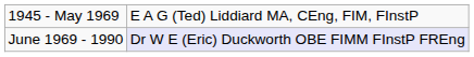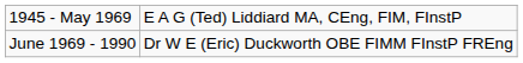 <table class="wikitable">
 <tr>
 <td scope="row">1945 - May 1969</td>
 <td>E A G (Ted) Liddiard MA, CEng, FIM, FInstP</td>
 </tr>
 <tr>
 <td scope="row">June 1969 - 1990</td>
-<td style="background: lavender;">Dr W E (Eric) Duckworth OBE FIMM FInstP FREng </td>
+<td>Dr W E (Eric) Duckworth OBE FIMM FInstP FREng </td>
 </tr>
 </table>
